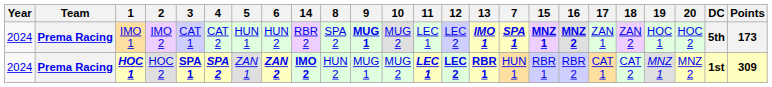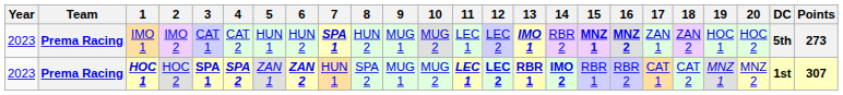 <table class="wikitable" style="text-align:center; font-size:85%;">
 <tr>
 <th>Year</th>
 <th>Team</th>
 <th>1</th>
 <th>2</th>
 <th>3</th>
 <th>4</th>
 <th>5</th>
 <th>6</th>
-<th>14</th>
+<th>7</th>
 <th>8</th>
 <th>9</th>
 <th>10</th>
 <th>11</th>
 <th>12</th>
 <th>13</th>
-<th>7</th>
+<th>14</th>
 <th>15</th>
 <th>16</th>
 <th>17</th>
 <th>18</th>
 <th>19</th>
 <th>20</th>
 <th>DC</th>
 <th>Points</th>
 </tr>
 <tr>
-<td><a href='#'>2024</a></td>
+<td><a href='#'>2023</a></td>
 <th nowrap><a href='#'>Prema Racing</a></th>
 <td style="background:#FFDF9F;"><a href='#'>IMO<br>1</a><br></td>
 <td style="background:#EFCFFF;"><a href='#'>IMO<br>2</a><br></td>
 <td style="background:#CFCFFF;"><a href='#'>CAT<br>1</a><br></td>
 <td style="background:#DFFFDF;"><a href='#'>CAT<br>2</a><br></td>
 <td style="background:#DFFFDF;"><a href='#'>HUN<br>1</a><br></td>
 <td style="background:#DFFFDF;"><a href='#'>HUN<br>2</a><br></td>
-<td style="background:#EFCFFF;"><a href='#'>RBR<br>2</a><br></td>
-<td style="background:#DFFFDF;"><a href='#'>SPA<br>2</a><br></td>
-<td style="background:#DFFFDF;"><strong><a href='#'>MUG<br>1</a><br></strong></td>
+<td style="background:#FFFFBF;"><strong><em><a href='#'>SPA<br>1</a></em></strong><br></td>
+<td style="background:#dfffdf;"><a href='#'>HUN<br>2</a><br></td>
+<td style="background:#DFFFDF;"><a href='#'>MUG<br>1</a><br></td>
 <td style="background:#DFDFDF;"><a href='#'>MUG<br>2</a><br></td>
 <td style="background:#DFFFDF;"><a href='#'>LEC<br>1</a><br></td>
 <td style="background:#CFCFFF;"><a href='#'>LEC<br>2</a><br></td>
 <td style="background:#ffffbf;"><strong><em><a href='#'>IMO<br>1</a></em></strong><br></td>
-<td style="background:#FFFFBF;"><strong><em><a href='#'>SPA<br>1</a></em></strong><br></td>
+<td style="background:#EFCFFF;"><a href='#'>RBR<br>2</a><br></td>
 <td style="background:#EFCFFF;"><strong><a href='#'>MNZ<br>1</a></strong><br></td>
 <td style="background:#DFDFDF;"><strong><a href='#'>MNZ<br>2</a><br></strong></td>
 <td style="background:#DFFFDF;"><a href='#'>ZAN<br>1</a><br></td>
 <td style="background:#EFCFFF;"><a href='#'>ZAN<br>2</a><br></td>
 <td style="background:#dfffdf;"><a href='#'>HOC<br>1</a><br></td>
 <td style="background:#dfffdf;"><a href='#'>HOC<br>2</a><br></td>
 <th>5th</th>
-<th>173</th>
+<th>273</th>
 </tr>
 <tr>
-<td><a href='#'>2024</a></td>
+<td><a href='#'>2023</a></td>
 <th nowrap><a href='#'>Prema Racing</a></th>
 <td style="background:#ffffbf;"><strong><em><a href='#'>HOC<br>1</a></em></strong><br></td>
 <td style="background:#dfdfdf;"><a href='#'>HOC<br>2</a><br></td>
 <td style="background:#ffffbf;"><strong><a href='#'>SPA<br>1</a><br></strong></td>
 <td style="background:#ffffbf;"><strong><em><a href='#'>SPA<br>2</a></em></strong><br></td>
 <td style="background:#dfdfdf;"><em><a href='#'>ZAN<br>1</a></em><br></td>
 <td style="background:#ffffbf;"><strong><em><a href='#'>ZAN<br>2</a></em></strong><br></td>
-<td style="background:#dfffdf;"><strong><a href='#'>IMO<br>2</a></strong><br></td>
-<td style="background:#dfffdf;"><a href='#'>HUN<br>2</a><br></td>
+<td style="background:#ffdf9f;"><a href='#'>HUN<br>1</a><br></td>
+<td style="background:#DFFFDF;"><a href='#'>SPA<br>2</a><br></td>
 <td style="background:#dfffdf;"><a href='#'>MUG<br>1</a><br></td>
 <td style="background:#dfffdf;"><a href='#'>MUG<br>2</a><br></td>
 <td style="background:#ffffbf;"><strong><em><a href='#'>LEC<br>1</a></em></strong><br></td>
 <td style="background:#dfffdf;"><strong><a href='#'>LEC<br>2</a></strong><br></td>
 <td style="background:#FFFFBF;"><strong><a href='#'>RBR<br>1</a></strong><br></td>
-<td style="background:#ffdf9f;"><a href='#'>HUN<br>1</a><br></td>
+<td style="background:#dfffdf;"><strong><a href='#'>IMO<br>2</a></strong><br></td>
 <td style="background:#cfcfff;"><a href='#'>RBR<br>1</a><br></td>
 <td style="background:#cfcfff;"><a href='#'>RBR<br>2</a><br></td>
 <td style="background:#ffdf9f;"><a href='#'>CAT<br>1</a><br></td>
 <td style="background:#dfffdf;"><a href='#'>CAT<br>2</a><br></td>
 <td style="background:#dfdfdf;"><em><a href='#'>MNZ<br>1</a></em><br></td>
 <td style="background:#ffffbf;"><a href='#'>MNZ<br>2</a><br></td>
 <th style="background:#FFFFBF;">1st</th>
-<th style="background:#FFFFBF;">309</th>
+<th style="background:#FFFFBF;">307</th>
 </tr>
 </table>
